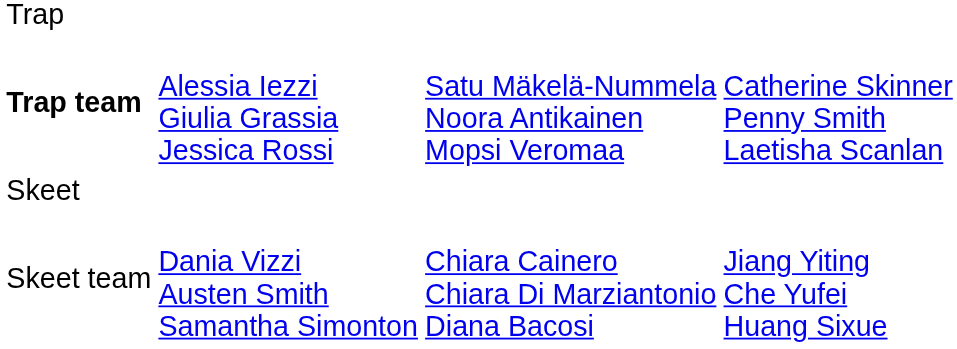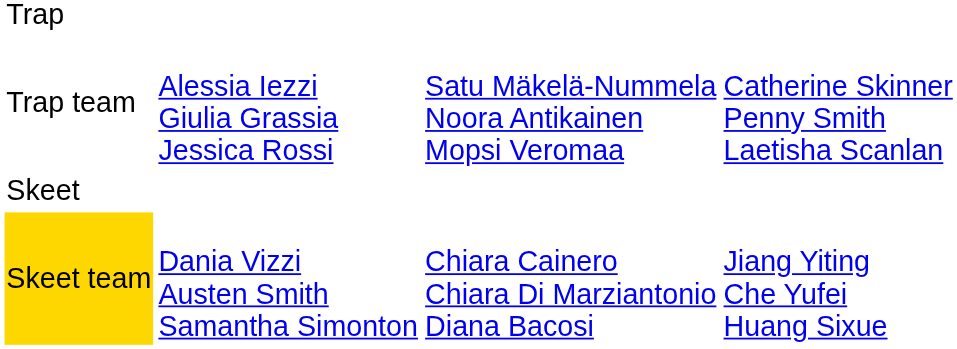 <table>
 <tr>
 <td>Trap<br></td>
 <td colspan=2></td>
 <td colspan=2></td>
 <td colspan=2></td>
 </tr>
 <tr>
-<td><strong>Trap team<br></strong></td>
+<td>Trap team<br></td>
 <td colspan=2><br><a href='#'>Alessia Iezzi</a><br><a href='#'>Giulia Grassia</a><br><a href='#'>Jessica Rossi</a></td>
 <td colspan=2><br><a href='#'>Satu Mäkelä-Nummela</a><br><a href='#'>Noora Antikainen</a><br><a href='#'>Mopsi Veromaa</a></td>
 <td colspan=2><br><a href='#'>Catherine Skinner</a><br><a href='#'>Penny Smith</a><br><a href='#'>Laetisha Scanlan</a></td>
 </tr>
 <tr>
 <td>Skeet<br></td>
 <td colspan=2></td>
 <td colspan=2></td>
 <td colspan=2></td>
 </tr>
 <tr>
-<td>Skeet team<br></td>
+<td style="background: gold;">Skeet team<br></td>
 <td colspan=2><br><a href='#'>Dania Vizzi</a><br><a href='#'>Austen Smith</a><br><a href='#'>Samantha Simonton</a></td>
 <td colspan=2><br><a href='#'>Chiara Cainero</a><br><a href='#'>Chiara Di Marziantonio</a><br><a href='#'>Diana Bacosi</a></td>
 <td colspan=2><br><a href='#'>Jiang Yiting</a><br><a href='#'>Che Yufei</a><br><a href='#'>Huang  Sixue</a></td>
 </tr>
 </table>
